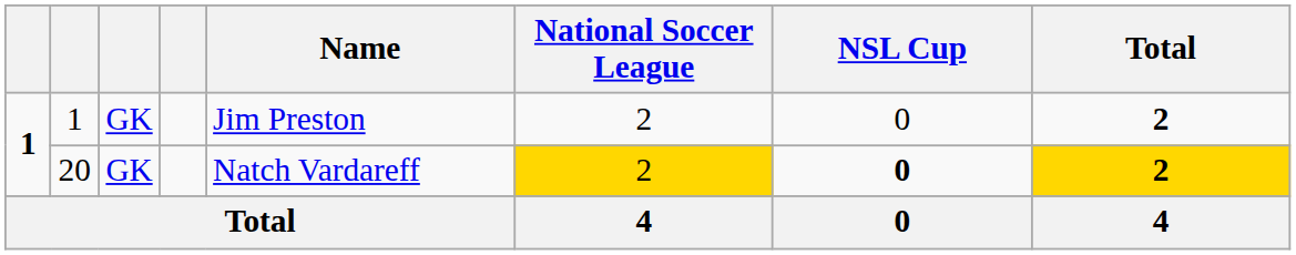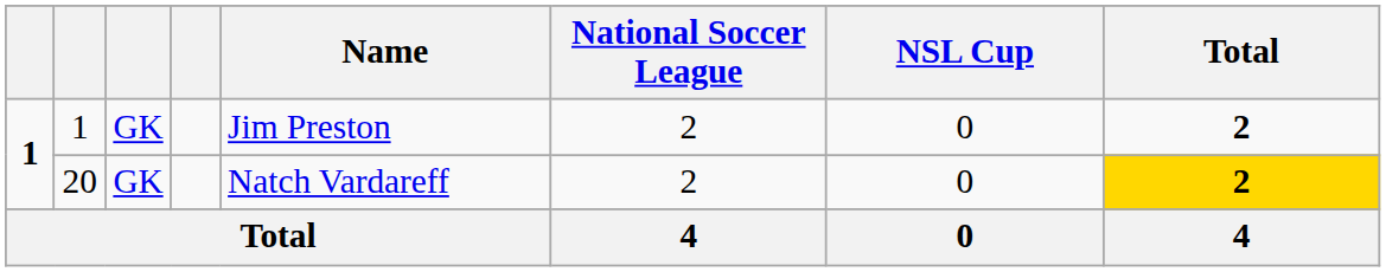 <table class="wikitable" style="text-align:center">
 <tr>
 <th width=15></th>
 <th width=15></th>
 <th width=15></th>
 <th width=15></th>
 <th width=145>Name</th>
 <th width=120><a href='#'>National Soccer League</a></th>
 <th width=120><a href='#'>NSL Cup</a></th>
 <th width=120>Total</th>
 </tr>
 <tr>
 <td rowspan="2"><strong>1</strong></td>
 <td>1</td>
 <td><a href='#'>GK</a></td>
 <td></td>
 <td align=left><a href='#'>Jim Preston</a></td>
 <td>2</td>
 <td>0</td>
 <td><strong>2</strong></td>
 </tr>
 <tr>
 <td>20</td>
 <td><a href='#'>GK</a></td>
 <td></td>
 <td align=left><a href='#'>Natch Vardareff</a></td>
-<td style="background: gold;">2</td>
-<td><strong>0</strong></td>
+<td>2</td>
+<td>0</td>
 <td style="background: gold;"><strong>2</strong></td>
 </tr>
 <tr>
 <th colspan="5"><strong>Total</strong></th>
 <th>4</th>
 <th>0</th>
 <th>4</th>
 </tr>
 </table>
